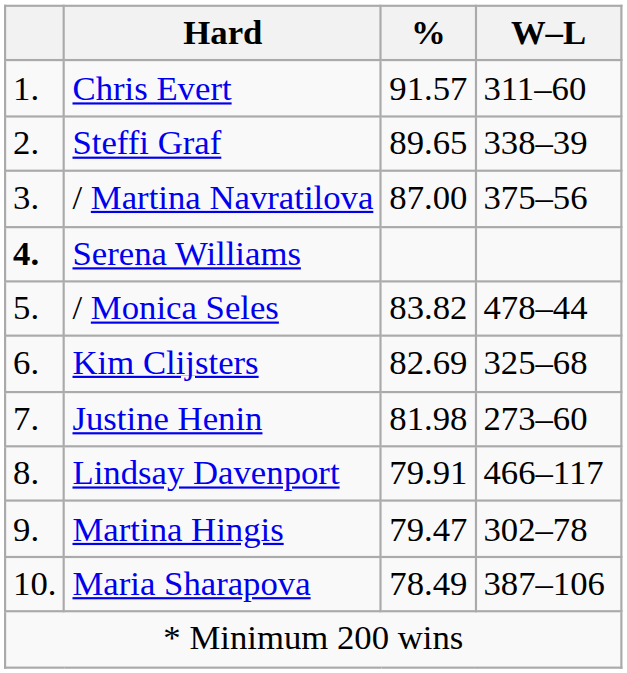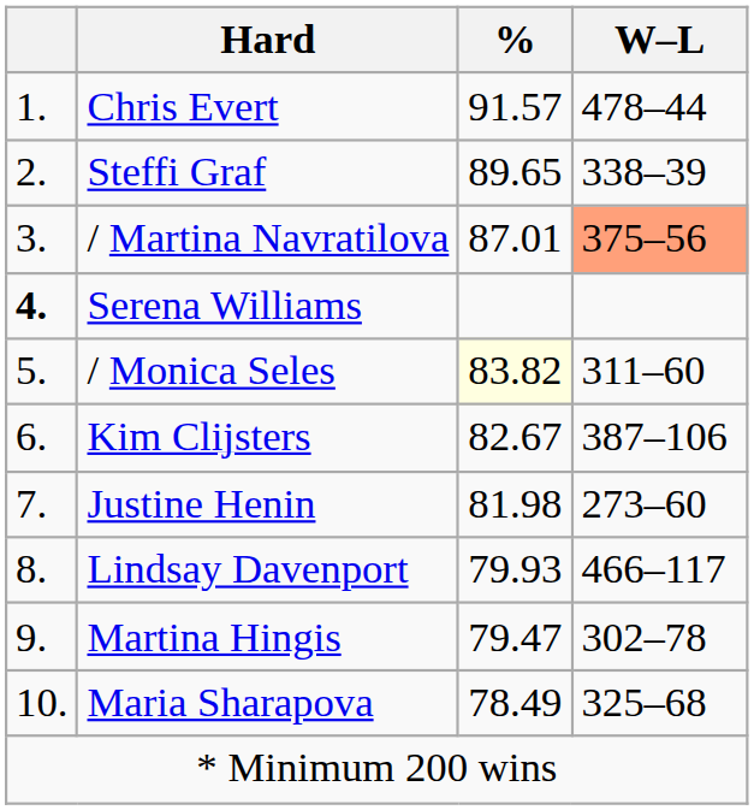 <table class="wikitable" style="display:inline-table">
 <tr>
 <th></th>
 <th>Hard</th>
 <th>%</th>
 <th style="width:60px;">W–L</th>
 </tr>
 <tr>
 <td>1.</td>
 <td> <a href='#'>Chris Evert</a></td>
 <td>91.57</td>
-<td>311–60</td>
+<td>478–44</td>
 </tr>
 <tr>
 <td>2.</td>
 <td> <a href='#'>Steffi Graf</a></td>
 <td>89.65</td>
 <td>338–39</td>
 </tr>
 <tr>
 <td>3.</td>
 <td nowrap>/ <a href='#'>Martina Navratilova</a></td>
-<td>87.00</td>
-<td>375–56</td>
+<td>87.01</td>
+<td style="background: lightsalmon;">375–56</td>
 </tr>
 <tr>
 <td><strong>4.</strong></td>
 <td> <a href='#'>Serena Williams</a></td>
 <td></td>
 </tr>
 <tr>
 <td>5.</td>
 <td> / <a href='#'>Monica Seles</a></td>
-<td>83.82</td>
-<td>478–44</td>
+<td style="background: lightyellow;">83.82</td>
+<td>311–60</td>
 </tr>
 <tr>
 <td>6.</td>
 <td> <a href='#'>Kim Clijsters</a></td>
-<td>82.69</td>
-<td>325–68</td>
+<td>82.67</td>
+<td>387–106</td>
 </tr>
 <tr>
 <td>7.</td>
 <td> <a href='#'>Justine Henin</a></td>
 <td>81.98</td>
 <td>273–60</td>
 </tr>
 <tr>
 <td>8.</td>
 <td> <a href='#'>Lindsay Davenport</a></td>
-<td>79.91</td>
+<td>79.93</td>
 <td>466–117</td>
 </tr>
 <tr>
 <td>9.</td>
 <td> <a href='#'>Martina Hingis</a></td>
 <td>79.47</td>
 <td>302–78</td>
 </tr>
 <tr>
 <td>10.</td>
 <td> <a href='#'>Maria Sharapova</a></td>
 <td>78.49</td>
-<td>387–106</td>
+<td>325–68</td>
 </tr>
 <tr>
 <td colspan=4 style="text-align:center;">* Minimum 200 wins</td>
 </tr>
 </table>
